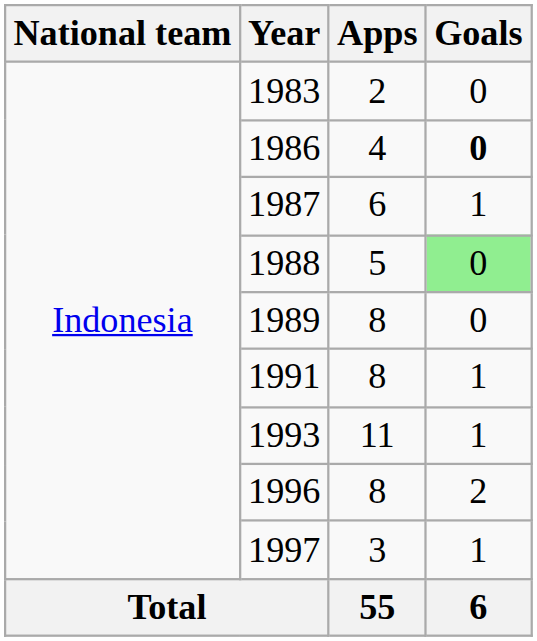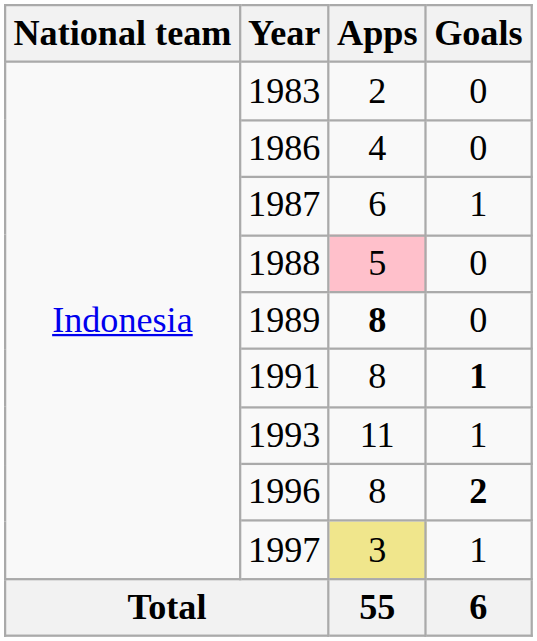 <table class="wikitable" style="text-align:center">
 <tr>
 <th>National team</th>
 <th>Year</th>
 <th>Apps</th>
 <th>Goals</th>
 </tr>
 <tr>
 <td rowspan="9"><a href='#'>Indonesia</a></td>
 <td>1983</td>
 <td>2</td>
 <td>0</td>
 </tr>
 <tr>
 <td>1986</td>
 <td>4</td>
-<td><strong>0</strong></td>
+<td>0</td>
 </tr>
 <tr>
 <td>1987</td>
 <td>6</td>
 <td>1</td>
 </tr>
 <tr>
 <td>1988</td>
-<td>5</td>
-<td style="background: lightgreen;">0</td>
+<td style="background: pink;">5</td>
+<td>0</td>
 </tr>
 <tr>
 <td>1989</td>
-<td>8</td>
+<td><strong>8</strong></td>
 <td>0</td>
 </tr>
 <tr>
 <td>1991</td>
 <td>8</td>
-<td>1</td>
+<td><strong>1</strong></td>
 </tr>
 <tr>
 <td>1993</td>
 <td>11</td>
 <td>1</td>
 </tr>
 <tr>
 <td>1996</td>
 <td>8</td>
-<td>2</td>
+<td><strong>2</strong></td>
 </tr>
 <tr>
 <td>1997</td>
-<td>3</td>
+<td style="background: khaki;">3</td>
 <td>1</td>
 </tr>
 <tr>
 <th colspan="2">Total</th>
 <th>55</th>
 <th>6</th>
 </tr>
 </table>
